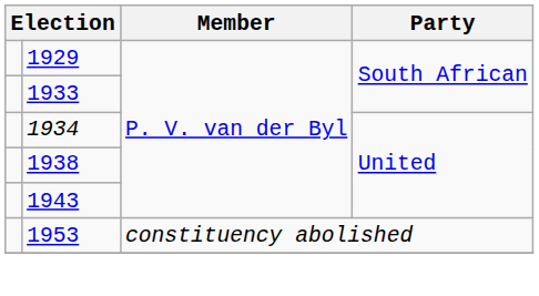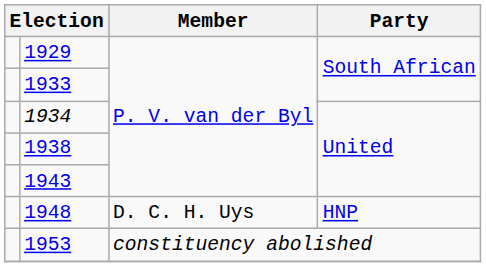 <table class="wikitable">
 <tr>
 <th colspan="2">Election</th>
 <th>Member</th>
 <th>Party</th>
 </tr>
 <tr>
 <td style="background-color: "></td>
 <td><a href='#'>1929</a></td>
 <td rowspan="5"><a href='#'>P. V. van der Byl</a></td>
 <td rowspan="2"><a href='#'>South African</a></td>
 </tr>
 <tr>
 <td style="background-color: "></td>
 <td><a href='#'>1933</a></td>
 </tr>
 <tr>
 <td style="background-color: "></td>
 <td><em>1934</em></td>
 <td rowspan="3"><a href='#'>United</a></td>
 </tr>
 <tr>
 <td style="background-color: "></td>
 <td><a href='#'>1938</a></td>
 </tr>
 <tr>
 <td style="background-color: "></td>
 <td><a href='#'>1943</a></td>
 </tr>
 <tr>
 <td style="background-color: "></td>
+<td><a href='#'>1948</a></td>
+<td>D. C. H. Uys</td>
+<td><a href='#'>HNP</a></td>
+</tr>
+<tr>
+<td style="background-color: "></td>
 <td><a href='#'>1953</a></td>
 <td colspan="2"><em>constituency abolished</em></td>
 </tr>
 <tr>
 </tr>
 </table>
